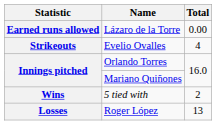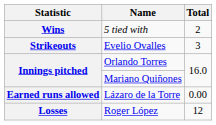 <table class="wikitable plainrowheaders">
 <tr>
 <th scope="col">Statistic</th>
 <th scope="col">Name</th>
 <th scope="col">Total</th>
 </tr>
 <tr>
-<th scope="row"><a href='#'>Earned runs allowed</a></th>
-<td> <a href='#'>Lázaro de la Torre</a></td>
-<td align=center>0.00</td>
+<th scope="row"><a href='#'>Wins</a></th>
+<td><em>5 tied with</em></td>
+<td align=center>2</td>
 </tr>
 <tr>
 <th scope="row"><a href='#'>Strikeouts</a></th>
 <td> <a href='#'>Evelio Ovalles</a></td>
-<td align=center>4</td>
+<td align=center>3</td>
 </tr>
 <tr>
 <th scope="row" rowspan=2><a href='#'>Innings pitched</a></th>
 <td> <a href='#'>Orlando Torres</a></td>
 <td align=center rowspan=2>16.0</td>
 </tr>
 <tr>
 <td> <a href='#'>Mariano Quiñones</a></td>
 </tr>
 <tr>
-<th scope="row"><a href='#'>Wins</a></th>
-<td><em>5 tied with</em></td>
-<td align=center>2</td>
+<th scope="row"><a href='#'>Earned runs allowed</a></th>
+<td> <a href='#'>Lázaro de la Torre</a></td>
+<td align=center>0.00</td>
 </tr>
 <tr>
 <th scope="row"><a href='#'>Losses</a></th>
 <td> <a href='#'>Roger López</a></td>
-<td align=center>13</td>
+<td align=center>12</td>
 </tr>
 </table>
